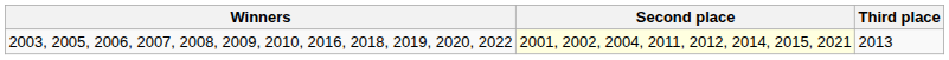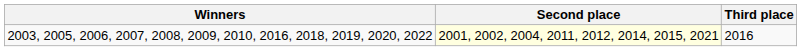 <table class="wikitable" border="1">
 <tr>
 <th>Winners</th>
 <th>Second place</th>
 <th>Third place</th>
 </tr>
 <tr>
 <td>2003, 2005, 2006, 2007, 2008, 2009, 2010, 2016, 2018, 2019, 2020, 2022</td>
 <td style="background: lightyellow;">2001, 2002, 2004, 2011, 2012, 2014, 2015, 2021</td>
-<td>2013</td>
+<td>2016</td>
 </tr>
 </table>
